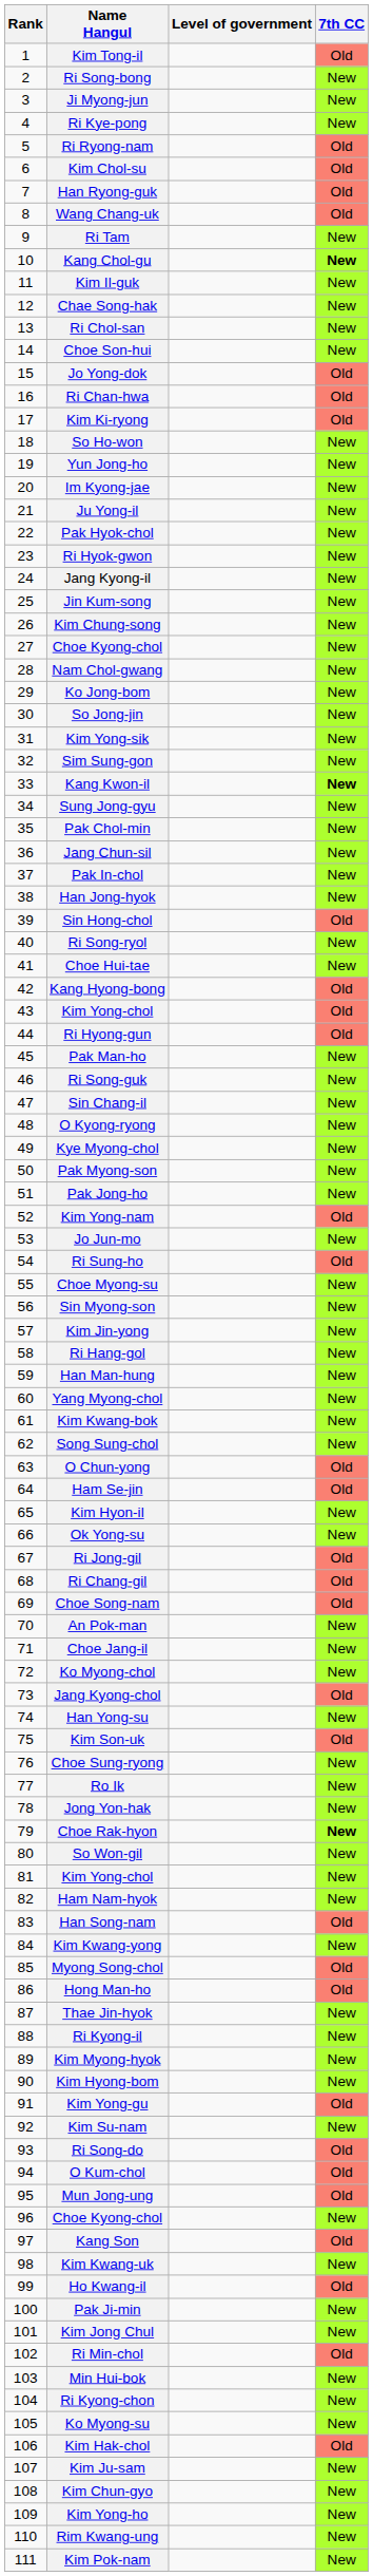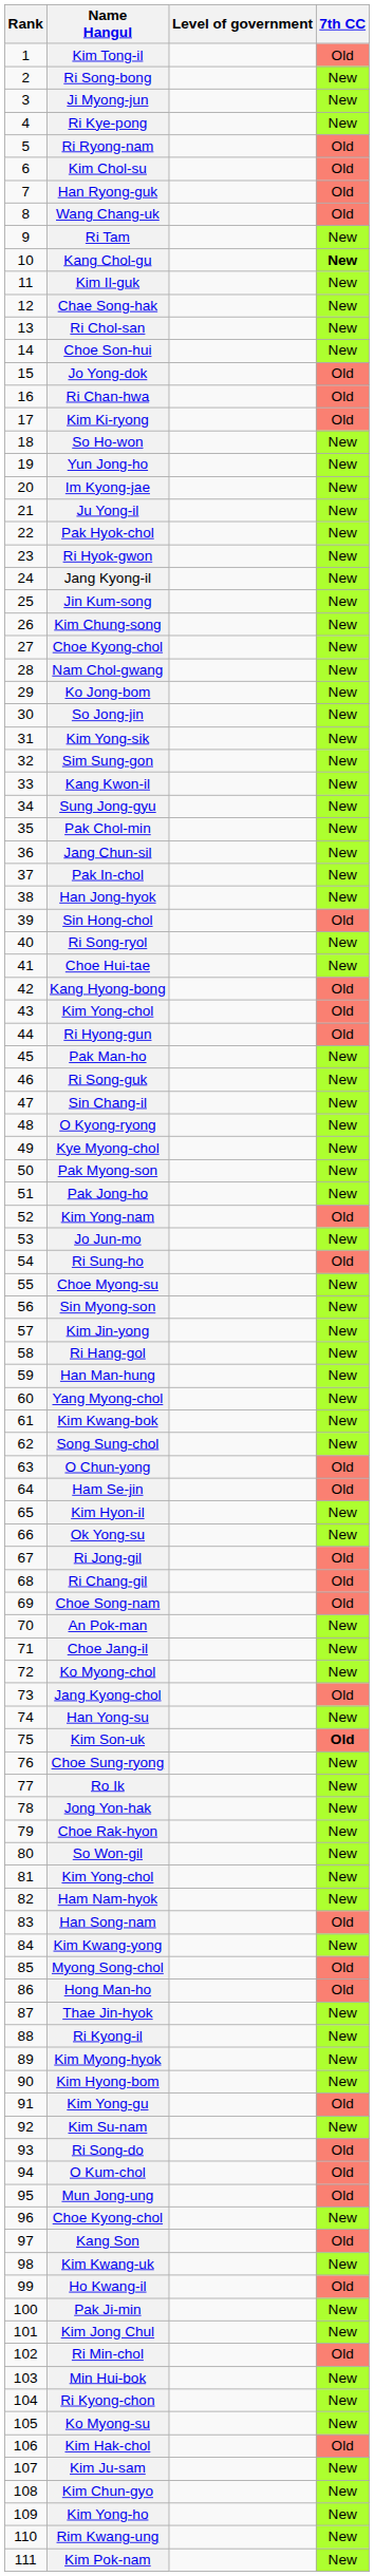 <table class="wikitable sortable">
 <tr>
 <th>Rank</th>
 <th>Name<br><a href='#'>Hangul</a></th>
 <th>Level of government</th>
 <th><a href='#'>7th CC</a></th>
 </tr>
 <tr>
 <td align="center">1</td>
 <th align="center" scope="row" style="font-weight:normal;"><a href='#'>Kim Tong-il</a></th>
 <td data-sort-value="100"></td>
 <td style="background: Salmon" align="center">Old</td>
 </tr>
 <tr>
 <td align="center">2</td>
 <th align="center" scope="row" style="font-weight:normal;"><a href='#'>Ri Song-bong</a></th>
 <td data-sort-value="100"></td>
 <td align="center" style="background: GreenYellow">New</td>
 </tr>
 <tr>
 <td align="center">3</td>
 <th align="center" scope="row" style="font-weight:normal;"><a href='#'>Ji Myong-jun</a></th>
 <td data-sort-value="100"></td>
 <td align="center" style="background: GreenYellow">New</td>
 </tr>
 <tr>
 <td align="center">4</td>
 <th align="center" scope="row" style="font-weight:normal;"><a href='#'>Ri Kye-pong</a></th>
 <td data-sort-value="100"></td>
 <td align="center" style="background: GreenYellow">New</td>
 </tr>
 <tr>
 <td align="center">5</td>
 <th align="center" scope="row" style="font-weight:normal;"><a href='#'>Ri Ryong-nam</a></th>
 <td data-sort-value="100"></td>
 <td style="background: Salmon" align="center">Old</td>
 </tr>
 <tr>
 <td align="center">6</td>
 <th align="center" scope="row" style="font-weight:normal;"><a href='#'>Kim Chol-su</a></th>
 <td></td>
 <td style="background: Salmon" align="center">Old</td>
 </tr>
 <tr>
 <td align="center">7</td>
 <th align="center" scope="row" style="font-weight:normal;"><a href='#'>Han Ryong-guk</a></th>
 <td data-sort-value="100"></td>
 <td style="background: Salmon" align="center">Old</td>
 </tr>
 <tr>
 <td align="center">8</td>
 <th align="center" scope="row" style="font-weight:normal;"><a href='#'>Wang Chang-uk</a></th>
 <td data-sort-value="100"></td>
 <td style="background: Salmon" align="center">Old</td>
 </tr>
 <tr>
 <td align="center">9</td>
 <th align="center" scope="row" style="font-weight:normal;"><a href='#'>Ri Tam</a></th>
 <td data-sort-value="100"></td>
 <td align="center" style="background: GreenYellow">New</td>
 </tr>
 <tr>
 <td align="center">10</td>
 <th align="center" scope="row" style="font-weight:normal;"><a href='#'>Kang Chol-gu</a></th>
 <td data-sort-value="100"></td>
 <td align="center" style="background: GreenYellow"><strong>New</strong></td>
 </tr>
 <tr>
 <td align="center">11</td>
 <th align="center" scope="row" style="font-weight:normal;"><a href='#'>Kim Il-guk</a></th>
 <td data-sort-value="100"></td>
 <td align="center" style="background: GreenYellow">New</td>
 </tr>
 <tr>
 <td align="center">12</td>
 <th align="center" scope="row" style="font-weight:normal;"><a href='#'>Chae Song-hak</a></th>
 <td></td>
 <td align="center" style="background: GreenYellow">New</td>
 </tr>
 <tr>
 <td align="center">13</td>
 <th align="center" scope="row" style="font-weight:normal;"><a href='#'>Ri Chol-san</a></th>
 <td></td>
 <td align="center" style="background: GreenYellow">New</td>
 </tr>
 <tr>
 <td align="center">14</td>
 <th align="center" scope="row" style="font-weight:normal;"><a href='#'>Choe Son-hui</a></th>
 <td data-sort-value="100"></td>
 <td align="center" style="background: GreenYellow">New</td>
 </tr>
 <tr>
 <td align="center">15</td>
 <th align="center" scope="row" style="font-weight:normal;"><a href='#'>Jo Yong-dok</a></th>
 <td data-sort-value="100"></td>
 <td style="background: Salmon" align="center">Old</td>
 </tr>
 <tr>
 <td align="center">16</td>
 <th align="center" scope="row" style="font-weight:normal;"><a href='#'>Ri Chan-hwa</a></th>
 <td data-sort-value="100"></td>
 <td style="background: Salmon" align="center">Old</td>
 </tr>
 <tr>
 <td align="center">17</td>
 <th align="center" scope="row" style="font-weight:normal;"><a href='#'>Kim Ki-ryong</a></th>
 <td data-sort-value="100"></td>
 <td style="background: Salmon" align="center">Old</td>
 </tr>
 <tr>
 <td align="center">18</td>
 <th align="center" scope="row" style="font-weight:normal;"><a href='#'>So Ho-won</a></th>
 <td data-sort-value="100"></td>
 <td align="center" style="background: GreenYellow">New</td>
 </tr>
 <tr>
 <td align="center">19</td>
 <th align="center" scope="row" style="font-weight:normal;"><a href='#'>Yun Jong-ho</a></th>
 <td></td>
 <td align="center" style="background: GreenYellow">New</td>
 </tr>
 <tr>
 <td align="center">20</td>
 <th align="center" scope="row" style="font-weight:normal;"><a href='#'>Im Kyong-jae</a></th>
 <td></td>
 <td align="center" style="background: GreenYellow">New</td>
 </tr>
 <tr>
 <td align="center">21</td>
 <th align="center" scope="row" style="font-weight:normal;"><a href='#'>Ju Yong-il</a></th>
 <td></td>
 <td align="center" style="background: GreenYellow">New</td>
 </tr>
 <tr>
 <td align="center">22</td>
 <th align="center" scope="row" style="font-weight:normal;"><a href='#'>Pak Hyok-chol</a></th>
 <td></td>
 <td align="center" style="background: GreenYellow">New</td>
 </tr>
 <tr>
 <td align="center">23</td>
 <th align="center" scope="row" style="font-weight:normal;"><a href='#'>Ri Hyok-gwon</a></th>
 <td></td>
 <td align="center" style="background: GreenYellow">New</td>
 </tr>
 <tr>
 <td align="center">24</td>
 <th align="center" scope="row" style="font-weight:normal;">Jang Kyong-il</th>
 <td></td>
 <td align="center" style="background: GreenYellow">New</td>
 </tr>
 <tr>
 <td align="center">25</td>
 <th align="center" scope="row" style="font-weight:normal;"><a href='#'>Jin Kum-song</a></th>
 <td></td>
 <td align="center" style="background: GreenYellow">New</td>
 </tr>
 <tr>
 <td align="center">26</td>
 <th align="center" scope="row" style="font-weight:normal;"><a href='#'>Kim Chung-song</a></th>
 <td></td>
 <td align="center" style="background: GreenYellow">New</td>
 </tr>
 <tr>
 <td align="center">27</td>
 <th align="center" scope="row" style="font-weight:normal;"><a href='#'>Choe Kyong-chol</a></th>
 <td></td>
 <td align="center" style="background: GreenYellow">New</td>
 </tr>
 <tr>
 <td align="center">28</td>
 <th align="center" scope="row" style="font-weight:normal;"><a href='#'>Nam Chol-gwang</a></th>
 <td data-sort-value="100"></td>
 <td align="center" style="background: GreenYellow">New</td>
 </tr>
 <tr>
 <td align="center">29</td>
 <th align="center" scope="row" style="font-weight:normal;"><a href='#'>Ko Jong-bom</a></th>
 <td></td>
 <td align="center" style="background: GreenYellow">New</td>
 </tr>
 <tr>
 <td align="center">30</td>
 <th align="center" scope="row" style="font-weight:normal;"><a href='#'>So Jong-jin</a></th>
 <td></td>
 <td align="center" style="background: GreenYellow">New</td>
 </tr>
 <tr>
 <td align="center">31</td>
 <th align="center" scope="row" style="font-weight:normal;"><a href='#'>Kim Yong-sik</a></th>
 <td data-sort-value="100"></td>
 <td align="center" style="background: GreenYellow">New</td>
 </tr>
 <tr>
 <td align="center">32</td>
 <th align="center" scope="row" style="font-weight:normal;"><a href='#'>Sim Sung-gon</a></th>
 <td data-sort-value="100"></td>
 <td align="center" style="background: GreenYellow">New</td>
 </tr>
 <tr>
 <td align="center">33</td>
 <th align="center" scope="row" style="font-weight:normal;"><a href='#'>Kang Kwon-il</a></th>
 <td data-sort-value="100"></td>
-<td align="center" style="background: GreenYellow"><strong>New</strong></td>
+<td align="center" style="background: GreenYellow">New</td>
 </tr>
 <tr>
 <td align="center">34</td>
 <th align="center" scope="row" style="font-weight:normal;"><a href='#'>Sung Jong-gyu</a></th>
 <td></td>
 <td align="center" style="background: GreenYellow">New</td>
 </tr>
 <tr>
 <td align="center">35</td>
 <th align="center" scope="row" style="font-weight:normal;"><a href='#'>Pak Chol-min</a></th>
 <td data-sort-value="100"></td>
 <td align="center" style="background: GreenYellow">New</td>
 </tr>
 <tr>
 <td align="center">36</td>
 <th align="center" scope="row" style="font-weight:normal;"><a href='#'>Jang Chun-sil</a></th>
 <td data-sort-value="100"></td>
 <td align="center" style="background: GreenYellow">New</td>
 </tr>
 <tr>
 <td align="center">37</td>
 <th align="center" scope="row" style="font-weight:normal;"><a href='#'>Pak In-chol</a></th>
 <td data-sort-value="100"></td>
 <td align="center" style="background: GreenYellow">New</td>
 </tr>
 <tr>
 <td align="center">38</td>
 <th align="center" scope="row" style="font-weight:normal;"><a href='#'>Han Jong-hyok</a></th>
 <td data-sort-value="100"></td>
 <td align="center" style="background: GreenYellow">New</td>
 </tr>
 <tr>
 <td align="center">39</td>
 <th align="center" scope="row" style="font-weight:normal;"><a href='#'>Sin Hong-chol</a></th>
 <td data-sort-value="100"></td>
 <td style="background: Salmon" align="center">Old</td>
 </tr>
 <tr>
 <td align="center">40</td>
 <th align="center" scope="row" style="font-weight:normal;"><a href='#'>Ri Song-ryol</a></th>
 <td data-sort-value="100"></td>
 <td align="center" style="background: GreenYellow">New</td>
 </tr>
 <tr>
 <td align="center">41</td>
 <th align="center" scope="row" style="font-weight:normal;"><a href='#'>Choe Hui-tae</a></th>
 <td data-sort-value="100"></td>
 <td align="center" style="background: GreenYellow">New</td>
 </tr>
 <tr>
 <td align="center">42</td>
 <th align="center" scope="row" style="font-weight:normal;"><a href='#'>Kang Hyong-bong</a></th>
 <td data-sort-value="100"></td>
 <td style="background: Salmon" align="center">Old</td>
 </tr>
 <tr>
 <td align="center">43</td>
 <th align="center" scope="row" style="font-weight:normal;"><a href='#'>Kim Yong-chol</a></th>
 <td data-sort-value="100"></td>
 <td style="background: Salmon" align="center">Old</td>
 </tr>
 <tr>
 <td align="center">44</td>
 <th align="center" scope="row" style="font-weight:normal;"><a href='#'>Ri Hyong-gun</a></th>
 <td data-sort-value="100"></td>
 <td style="background: Salmon" align="center">Old</td>
 </tr>
 <tr>
 <td align="center">45</td>
 <th align="center" scope="row" style="font-weight:normal;"><a href='#'>Pak Man-ho</a></th>
 <td data-sort-value="100"></td>
 <td align="center" style="background: GreenYellow">New</td>
 </tr>
 <tr>
 <td align="center">46</td>
 <th align="center" scope="row" style="font-weight:normal;"><a href='#'>Ri Song-guk</a></th>
 <td data-sort-value="100"></td>
 <td align="center" style="background: GreenYellow">New</td>
 </tr>
 <tr>
 <td align="center">47</td>
 <th align="center" scope="row" style="font-weight:normal;"><a href='#'>Sin Chang-il</a></th>
 <td data-sort-value="100"></td>
 <td align="center" style="background: GreenYellow">New</td>
 </tr>
 <tr>
 <td align="center">48</td>
 <th align="center" scope="row" style="font-weight:normal;"><a href='#'>O Kyong-ryong</a></th>
 <td data-sort-value="100"></td>
 <td align="center" style="background: GreenYellow">New</td>
 </tr>
 <tr>
 <td align="center">49</td>
 <th align="center" scope="row" style="font-weight:normal;"><a href='#'>Kye Myong-chol</a></th>
 <td data-sort-value="100"></td>
 <td align="center" style="background: GreenYellow">New</td>
 </tr>
 <tr>
 <td align="center">50</td>
 <th align="center" scope="row" style="font-weight:normal;"><a href='#'>Pak Myong-son</a></th>
 <td data-sort-value="100"></td>
 <td align="center" style="background: GreenYellow">New</td>
 </tr>
 <tr>
 <td align="center">51</td>
 <th align="center" scope="row" style="font-weight:normal;"><a href='#'>Pak Jong-ho</a></th>
 <td data-sort-value="100"></td>
 <td align="center" style="background: GreenYellow">New</td>
 </tr>
 <tr>
 <td align="center">52</td>
 <th align="center" scope="row" style="font-weight:normal;"><a href='#'>Kim Yong-nam</a></th>
 <td data-sort-value="100"></td>
 <td style="background: Salmon" align="center">Old</td>
 </tr>
 <tr>
 <td align="center">53</td>
 <th align="center" scope="row" style="font-weight:normal;"><a href='#'>Jo Jun-mo</a></th>
 <td data-sort-value="100"></td>
 <td align="center" style="background: GreenYellow">New</td>
 </tr>
 <tr>
 <td align="center">54</td>
 <th align="center" scope="row" style="font-weight:normal;"><a href='#'>Ri Sung-ho</a></th>
 <td data-sort-value="100"></td>
 <td style="background: Salmon" align="center">Old</td>
 </tr>
 <tr>
 <td align="center">55</td>
 <th align="center" scope="row" style="font-weight:normal;"><a href='#'>Choe Myong-su</a></th>
 <td data-sort-value="100"></td>
 <td align="center" style="background: GreenYellow">New</td>
 </tr>
 <tr>
 <td align="center">56</td>
 <th align="center" scope="row" style="font-weight:normal;"><a href='#'>Sin Myong-son</a></th>
 <td data-sort-value="100"></td>
 <td align="center" style="background: GreenYellow">New</td>
 </tr>
 <tr>
 <td align="center">57</td>
 <th align="center" scope="row" style="font-weight:normal;"><a href='#'>Kim Jin-yong</a></th>
 <td data-sort-value="100"></td>
 <td align="center" style="background: GreenYellow">New</td>
 </tr>
 <tr>
 <td align="center">58</td>
 <th align="center" scope="row" style="font-weight:normal;"><a href='#'>Ri Hang-gol</a></th>
 <td data-sort-value="100"></td>
 <td align="center" style="background: GreenYellow">New</td>
 </tr>
 <tr>
 <td align="center">59</td>
 <th align="center" scope="row" style="font-weight:normal;"><a href='#'>Han Man-hung</a></th>
 <td data-sort-value="100"></td>
 <td align="center" style="background: GreenYellow">New</td>
 </tr>
 <tr>
 <td align="center">60</td>
 <th align="center" scope="row" style="font-weight:normal;"><a href='#'>Yang Myong-chol</a></th>
 <td data-sort-value="100"></td>
 <td align="center" style="background: GreenYellow">New</td>
 </tr>
 <tr>
 <td align="center">61</td>
 <th align="center" scope="row" style="font-weight:normal;"><a href='#'>Kim Kwang-bok</a></th>
 <td data-sort-value="100"></td>
 <td align="center" style="background: GreenYellow">New</td>
 </tr>
 <tr>
 <td align="center">62</td>
 <th align="center" scope="row" style="font-weight:normal;"><a href='#'>Song Sung-chol</a></th>
 <td data-sort-value="100"></td>
 <td align="center" style="background: GreenYellow">New</td>
 </tr>
 <tr>
 <td align="center">63</td>
 <th align="center" scope="row" style="font-weight:normal;"><a href='#'>O Chun-yong</a></th>
 <td data-sort-value="100"></td>
 <td style="background: Salmon" align="center">Old</td>
 </tr>
 <tr>
 <td align="center">64</td>
 <th align="center" scope="row" style="font-weight:normal;"><a href='#'>Ham Se-jin</a></th>
 <td data-sort-value="100"></td>
 <td style="background: Salmon" align="center">Old</td>
 </tr>
 <tr>
 <td align="center">65</td>
 <th align="center" scope="row" style="font-weight:normal;"><a href='#'>Kim Hyon-il</a></th>
 <td data-sort-value="100"></td>
 <td align="center" style="background: GreenYellow">New</td>
 </tr>
 <tr>
 <td align="center">66</td>
 <th align="center" scope="row" style="font-weight:normal;"><a href='#'>Ok Yong-su</a></th>
 <td data-sort-value="100"></td>
 <td align="center" style="background: GreenYellow">New</td>
 </tr>
 <tr>
 <td align="center">67</td>
 <th align="center" scope="row" style="font-weight:normal;"><a href='#'>Ri Jong-gil</a></th>
 <td data-sort-value="100"></td>
 <td style="background: Salmon" align="center">Old</td>
 </tr>
 <tr>
 <td align="center">68</td>
 <th align="center" scope="row" style="font-weight:normal;"><a href='#'>Ri Chang-gil</a></th>
 <td data-sort-value="100"></td>
 <td style="background: Salmon" align="center">Old</td>
 </tr>
 <tr>
 <td align="center">69</td>
 <th align="center" scope="row" style="font-weight:normal;"><a href='#'>Choe Song-nam</a></th>
 <td data-sort-value="100"></td>
 <td style="background: Salmon" align="center">Old</td>
 </tr>
 <tr>
 <td align="center">70</td>
 <th align="center" scope="row" style="font-weight:normal;"><a href='#'>An Pok-man</a></th>
 <td data-sort-value="100"></td>
 <td align="center" style="background: GreenYellow">New</td>
 </tr>
 <tr>
 <td align="center">71</td>
 <th align="center" scope="row" style="font-weight:normal;"><a href='#'>Choe Jang-il</a></th>
 <td data-sort-value="100"></td>
 <td align="center" style="background: GreenYellow">New</td>
 </tr>
 <tr>
 <td align="center">72</td>
 <th align="center" scope="row" style="font-weight:normal;"><a href='#'>Ko Myong-chol</a></th>
 <td data-sort-value="100"></td>
 <td align="center" style="background: GreenYellow">New</td>
 </tr>
 <tr>
 <td align="center">73</td>
 <th align="center" scope="row" style="font-weight:normal;"><a href='#'>Jang Kyong-chol</a></th>
 <td data-sort-value="100"></td>
 <td style="background: Salmon" align="center">Old</td>
 </tr>
 <tr>
 <td align="center">74</td>
 <th align="center" scope="row" style="font-weight:normal;"><a href='#'>Han Yong-su</a></th>
 <td data-sort-value="100"></td>
 <td align="center" style="background: GreenYellow">New</td>
 </tr>
 <tr>
 <td align="center">75</td>
 <th align="center" scope="row" style="font-weight:normal;"><a href='#'>Kim Son-uk</a></th>
 <td data-sort-value="100"></td>
-<td style="background: Salmon" align="center">Old</td>
+<td style="background: Salmon" align="center"><strong>Old</strong></td>
 </tr>
 <tr>
 <td align="center">76</td>
 <th align="center" scope="row" style="font-weight:normal;"><a href='#'>Choe Sung-ryong</a></th>
 <td data-sort-value="100"></td>
 <td align="center" style="background: GreenYellow">New</td>
 </tr>
 <tr>
 <td align="center">77</td>
 <th align="center" scope="row" style="font-weight:normal;"><a href='#'>Ro Ik</a></th>
 <td data-sort-value="100"></td>
 <td align="center" style="background: GreenYellow">New</td>
 </tr>
 <tr>
 <td align="center">78</td>
 <th align="center" scope="row" style="font-weight:normal;"><a href='#'>Jong Yon-hak</a></th>
 <td data-sort-value="100"></td>
 <td align="center" style="background: GreenYellow">New</td>
 </tr>
 <tr>
 <td align="center">79</td>
 <th align="center" scope="row" style="font-weight:normal;"><a href='#'>Choe Rak-hyon</a></th>
 <td data-sort-value="100"></td>
-<td align="center" style="background: GreenYellow"><strong>New</strong></td>
+<td align="center" style="background: GreenYellow">New</td>
 </tr>
 <tr>
 <td align="center">80</td>
 <th align="center" scope="row" style="font-weight:normal;"><a href='#'>So Won-gil</a></th>
 <td data-sort-value="100"></td>
 <td align="center" style="background: GreenYellow">New</td>
 </tr>
 <tr>
 <td align="center">81</td>
 <th align="center" scope="row" style="font-weight:normal;"><a href='#'>Kim Yong-chol</a></th>
 <td data-sort-value="100"></td>
 <td align="center" style="background: GreenYellow">New</td>
 </tr>
 <tr>
 <td align="center">82</td>
 <th align="center" scope="row" style="font-weight:normal;"><a href='#'>Ham Nam-hyok</a></th>
 <td data-sort-value="100"></td>
 <td align="center" style="background: GreenYellow">New</td>
 </tr>
 <tr>
 <td align="center">83</td>
 <th align="center" scope="row" style="font-weight:normal;"><a href='#'>Han Song-nam</a></th>
 <td data-sort-value="100"></td>
 <td style="background: Salmon" align="center">Old</td>
 </tr>
 <tr>
 <td align="center">84</td>
 <th align="center" scope="row" style="font-weight:normal;"><a href='#'>Kim Kwang-yong</a></th>
 <td data-sort-value="100"></td>
 <td align="center" style="background: GreenYellow">New</td>
 </tr>
 <tr>
 <td align="center">85</td>
 <th align="center" scope="row" style="font-weight:normal;"><a href='#'>Myong Song-chol</a></th>
 <td data-sort-value="100"></td>
 <td style="background: Salmon" align="center">Old</td>
 </tr>
 <tr>
 <td align="center">86</td>
 <th align="center" scope="row" style="font-weight:normal;"><a href='#'>Hong Man-ho</a></th>
 <td data-sort-value="100"></td>
 <td style="background: Salmon" align="center">Old</td>
 </tr>
 <tr>
 <td align="center">87</td>
 <th align="center" scope="row" style="font-weight:normal;"><a href='#'>Thae Jin-hyok</a></th>
 <td data-sort-value="100"></td>
 <td align="center" style="background: GreenYellow">New</td>
 </tr>
 <tr>
 <td align="center">88</td>
 <th align="center" scope="row" style="font-weight:normal;"><a href='#'>Ri Kyong-il</a></th>
 <td data-sort-value="100"></td>
 <td align="center" style="background: GreenYellow">New</td>
 </tr>
 <tr>
 <td align="center">89</td>
 <th align="center" scope="row" style="font-weight:normal;"><a href='#'>Kim Myong-hyok</a></th>
 <td data-sort-value="100"></td>
 <td align="center" style="background: GreenYellow">New</td>
 </tr>
 <tr>
 <td align="center">90</td>
 <th align="center" scope="row" style="font-weight:normal;"><a href='#'>Kim Hyong-bom</a></th>
 <td data-sort-value="100"></td>
 <td align="center" style="background: GreenYellow">New</td>
 </tr>
 <tr>
 <td align="center">91</td>
 <th align="center" scope="row" style="font-weight:normal;"><a href='#'>Kim Yong-gu</a></th>
 <td data-sort-value="100"></td>
 <td style="background: Salmon" align="center">Old</td>
 </tr>
 <tr>
 <td align="center">92</td>
 <th align="center" scope="row" style="font-weight:normal;"><a href='#'>Kim Su-nam</a></th>
 <td data-sort-value="100"></td>
 <td align="center" style="background: GreenYellow">New</td>
 </tr>
 <tr>
 <td align="center">93</td>
 <th align="center" scope="row" style="font-weight:normal;"><a href='#'>Ri Song-do</a></th>
 <td data-sort-value="100"></td>
 <td style="background: Salmon" align="center">Old</td>
 </tr>
 <tr>
 <td align="center">94</td>
 <th align="center" scope="row" style="font-weight:normal;"><a href='#'>O Kum-chol</a></th>
 <td data-sort-value="100"></td>
 <td style="background: Salmon" align="center">Old</td>
 </tr>
 <tr>
 <td align="center">95</td>
 <th align="center" scope="row" style="font-weight:normal;"><a href='#'>Mun Jong-ung</a></th>
 <td data-sort-value="100"></td>
 <td style="background: Salmon" align="center">Old</td>
 </tr>
 <tr>
 <td align="center">96</td>
 <th align="center" scope="row" style="font-weight:normal;"><a href='#'>Choe Kyong-chol</a></th>
 <td data-sort-value="100"></td>
 <td align="center" style="background: GreenYellow">New</td>
 </tr>
 <tr>
 <td align="center">97</td>
 <th align="center" scope="row" style="font-weight:normal;"><a href='#'>Kang Son</a></th>
 <td data-sort-value="100"></td>
 <td style="background: Salmon" align="center">Old</td>
 </tr>
 <tr>
 <td align="center">98</td>
 <th align="center" scope="row" style="font-weight:normal;"><a href='#'>Kim Kwang-uk</a></th>
 <td data-sort-value="100"></td>
 <td align="center" style="background: GreenYellow">New</td>
 </tr>
 <tr>
 <td align="center">99</td>
 <th align="center" scope="row" style="font-weight:normal;"><a href='#'>Ho Kwang-il</a></th>
 <td data-sort-value="100"></td>
 <td style="background: Salmon" align="center">Old</td>
 </tr>
 <tr>
 <td align="center">100</td>
 <th align="center" scope="row" style="font-weight:normal;"><a href='#'>Pak Ji-min</a></th>
 <td data-sort-value="100"></td>
 <td align="center" style="background: GreenYellow">New</td>
 </tr>
 <tr>
 <td align="center">101</td>
 <th align="center" scope="row" style="font-weight:normal;"><a href='#'>Kim Jong Chul</a></th>
 <td data-sort-value="100"></td>
 <td align="center" style="background: GreenYellow">New</td>
 </tr>
 <tr>
 <td align="center">102</td>
 <th align="center" scope="row" style="font-weight:normal;"><a href='#'>Ri Min-chol</a></th>
 <td data-sort-value="100"></td>
 <td style="background: Salmon" align="center">Old</td>
 </tr>
 <tr>
 <td align="center">103</td>
 <th align="center" scope="row" style="font-weight:normal;"><a href='#'>Min Hui-bok</a></th>
 <td data-sort-value="100"></td>
 <td align="center" style="background: GreenYellow">New</td>
 </tr>
 <tr>
 <td align="center">104</td>
 <th align="center" scope="row" style="font-weight:normal;"><a href='#'>Ri Kyong-chon</a></th>
 <td data-sort-value="100"></td>
 <td align="center" style="background: GreenYellow">New</td>
 </tr>
 <tr>
 <td align="center">105</td>
 <th align="center" scope="row" style="font-weight:normal;"><a href='#'>Ko Myong-su</a></th>
 <td data-sort-value="100"></td>
 <td align="center" style="background: GreenYellow">New</td>
 </tr>
 <tr>
 <td align="center">106</td>
 <th align="center" scope="row" style="font-weight:normal;"><a href='#'>Kim Hak-chol</a></th>
 <td data-sort-value="100"></td>
 <td style="background: Salmon" align="center">Old</td>
 </tr>
 <tr>
 <td align="center">107</td>
 <th align="center" scope="row" style="font-weight:normal;"><a href='#'>Kim Ju-sam</a></th>
 <td data-sort-value="100"></td>
 <td align="center" style="background: GreenYellow">New</td>
 </tr>
 <tr>
 <td align="center">108</td>
 <th align="center" scope="row" style="font-weight:normal;"><a href='#'>Kim Chun-gyo</a></th>
 <td data-sort-value="100"></td>
 <td align="center" style="background: GreenYellow">New</td>
 </tr>
 <tr>
 <td align="center">109</td>
 <th align="center" scope="row" style="font-weight:normal;"><a href='#'>Kim Yong-ho</a></th>
 <td data-sort-value="100"></td>
 <td align="center" style="background: GreenYellow">New</td>
 </tr>
 <tr>
 <td align="center">110</td>
 <th align="center" scope="row" style="font-weight:normal;"><a href='#'>Rim Kwang-ung</a></th>
 <td data-sort-value="100"></td>
 <td align="center" style="background: GreenYellow">New</td>
 </tr>
 <tr>
 <td align="center">111</td>
 <th align="center" scope="row" style="font-weight:normal;"><a href='#'>Kim Pok-nam</a></th>
 <td data-sort-value="100"></td>
 <td align="center" style="background: GreenYellow">New</td>
 </tr>
 </table>
